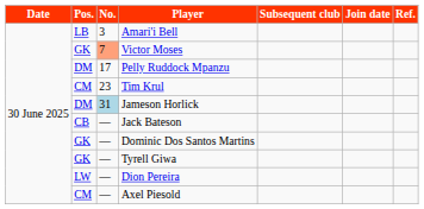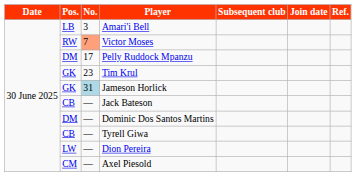 <table class="wikitable plainrowheaders sortable">
 <tr>
 <th style="background:#FF3300; color:white; ">Date</th>
 <th style="background:#FF3300; color:white; ">Pos.</th>
 <th style="background:#FF3300; color:white; ">No.</th>
 <th style="background:#FF3300; color:white; ">Player</th>
 <th style="background:#FF3300; color:white; ">Subsequent club</th>
 <th style="background:#FF3300; color:white; ">Join date</th>
 <th style="background:#FF3300; color:white; ">Ref.</th>
 </tr>
 <tr>
 <td rowspan="10">30 June 2025</td>
 <td><a href='#'>LB</a></td>
 <td>3</td>
 <td> <a href='#'>Amari'i Bell</a></td>
 <td></td>
 <td></td>
 <td></td>
 </tr>
 <tr>
-<td><a href='#'>GK</a></td>
+<td><a href='#'>RW</a></td>
 <td style="background: lightsalmon;">7</td>
 <td> <a href='#'>Victor Moses</a></td>
 <td></td>
 <td></td>
 <td></td>
 </tr>
 <tr>
 <td><a href='#'>DM</a></td>
 <td>17</td>
 <td> <a href='#'>Pelly Ruddock Mpanzu</a></td>
 <td></td>
 <td></td>
 <td></td>
 </tr>
 <tr>
-<td><a href='#'>CM</a></td>
+<td><a href='#'>GK</a></td>
 <td>23</td>
 <td> <a href='#'>Tim Krul</a></td>
 <td></td>
 <td></td>
 <td></td>
 </tr>
 <tr>
-<td><a href='#'>DM</a></td>
+<td><a href='#'>GK</a></td>
 <td style="background: lightblue;">31</td>
 <td> Jameson Horlick</td>
 <td></td>
 <td></td>
 <td></td>
 </tr>
 <tr>
 <td><a href='#'>CB</a></td>
 <td>—</td>
 <td> Jack Bateson</td>
 <td></td>
 <td></td>
 <td></td>
 </tr>
 <tr>
-<td><a href='#'>GK</a></td>
+<td><a href='#'>DM</a></td>
 <td>—</td>
 <td> Dominic Dos Santos Martins</td>
 <td></td>
 <td></td>
 <td></td>
 </tr>
 <tr>
-<td><a href='#'>GK</a></td>
+<td><a href='#'>CB</a></td>
 <td>—</td>
 <td> Tyrell Giwa</td>
 <td></td>
 <td></td>
 <td></td>
 </tr>
 <tr>
 <td><a href='#'>LW</a></td>
 <td>—</td>
 <td> <a href='#'>Dion Pereira</a></td>
 <td></td>
 <td></td>
 <td></td>
 </tr>
 <tr>
 <td><a href='#'>CM</a></td>
 <td>—</td>
 <td> Axel Piesold</td>
 <td></td>
 <td></td>
 <td></td>
 </tr>
 </table>
